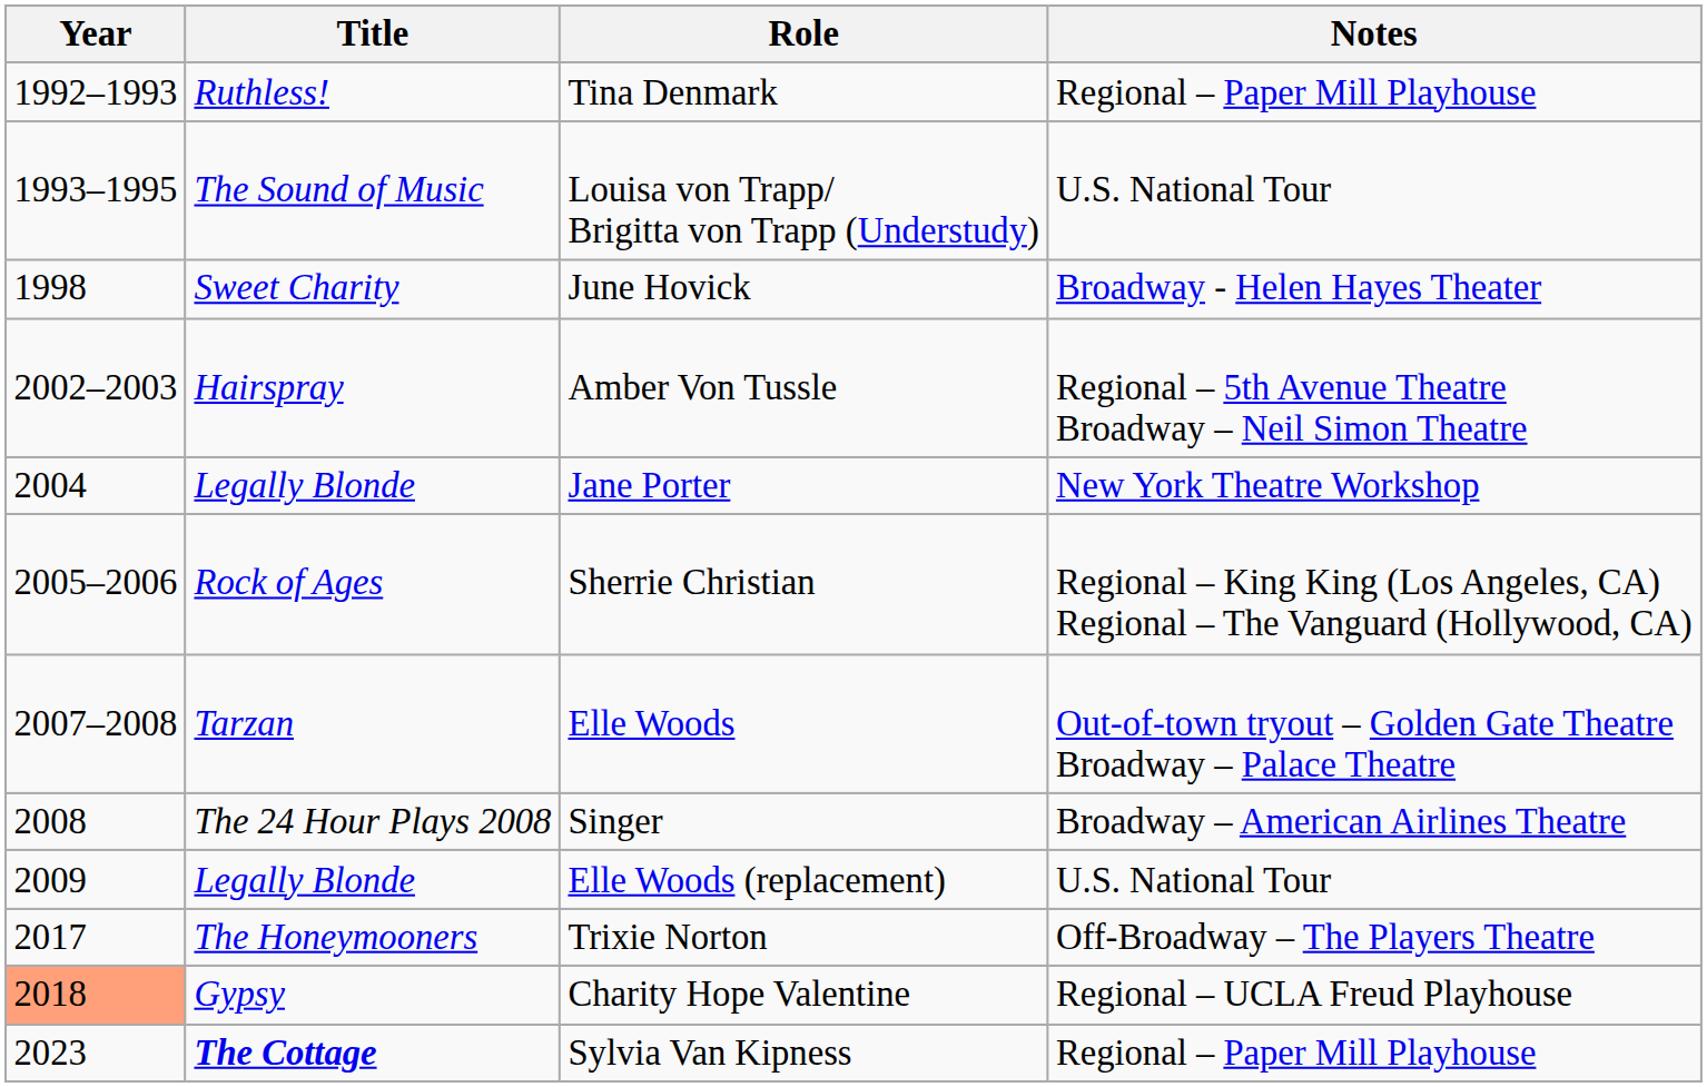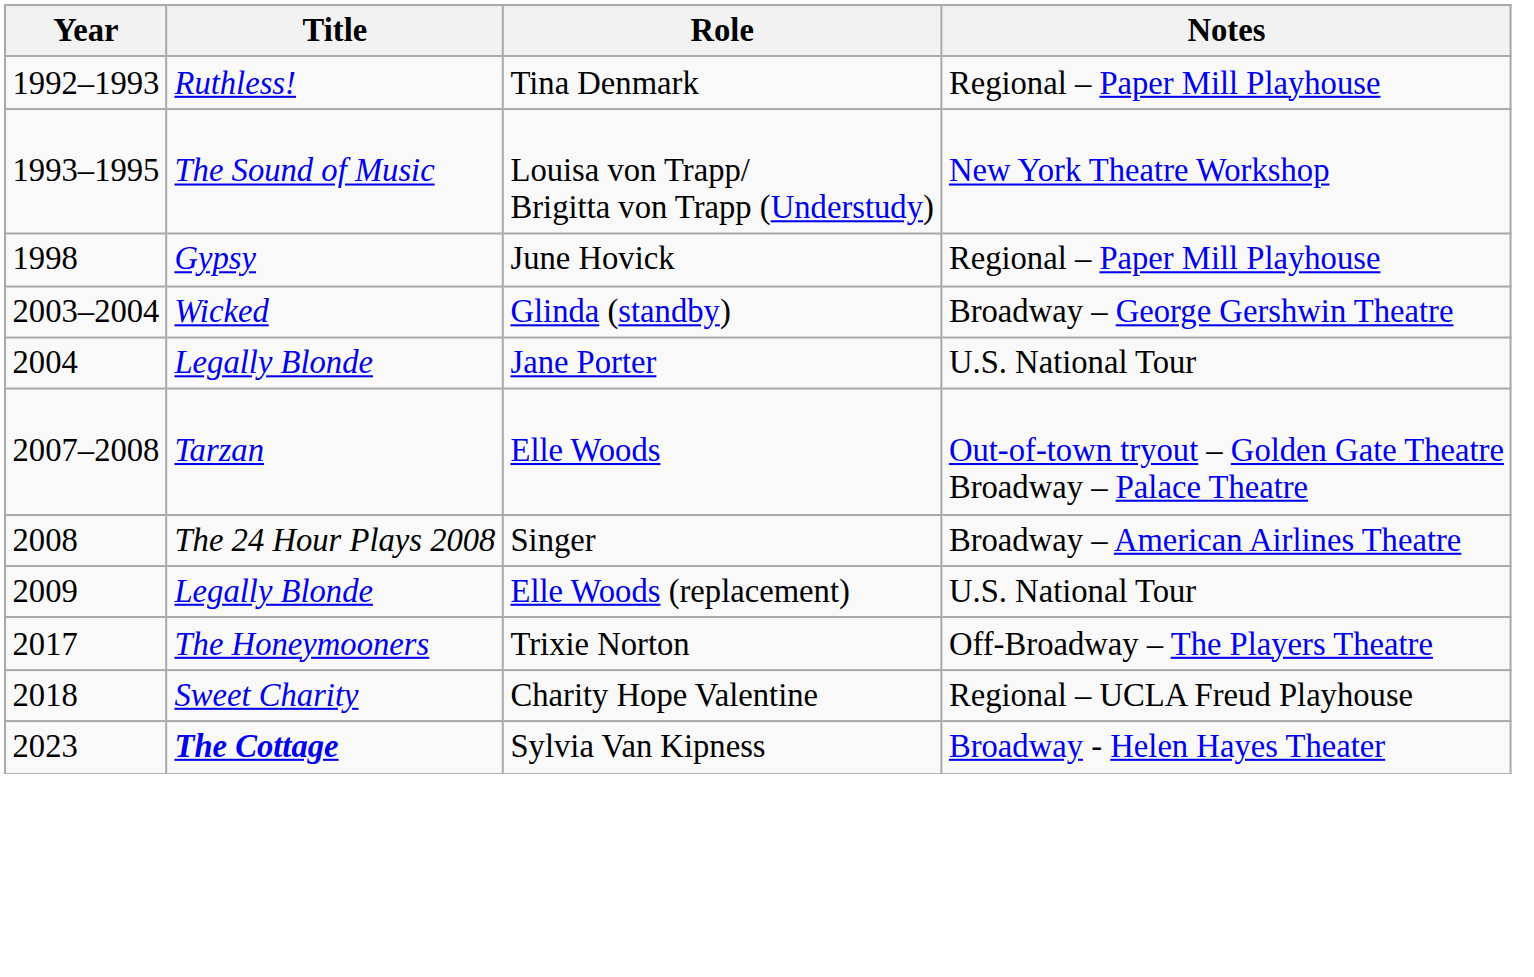 <table class="wikitable sortable">
 <tr>
 <th>Year</th>
 <th>Title</th>
 <th>Role</th>
 <th>Notes</th>
 </tr>
 <tr>
 <td>1992–1993</td>
 <td><em><a href='#'>Ruthless!</a></em></td>
 <td>Tina Denmark</td>
 <td>Regional – <a href='#'>Paper Mill Playhouse</a></td>
 </tr>
 <tr>
 <td>1993–1995</td>
 <td><em><a href='#'>The Sound of Music</a></em></td>
 <td><br>Louisa von Trapp/<br> Brigitta von Trapp (<a href='#'>Understudy</a>)</td>
-<td>U.S. National Tour</td>
+<td><a href='#'>New York Theatre Workshop</a></td>
 </tr>
 <tr>
 <td>1998</td>
-<td><em><a href='#'>Sweet Charity</a></em></td>
+<td><em><a href='#'>Gypsy</a></em></td>
 <td>June Hovick</td>
-<td><a href='#'>Broadway</a> - <a href='#'>Helen Hayes Theater</a></td>
+<td>Regional – <a href='#'>Paper Mill Playhouse</a></td>
 </tr>
 <tr>
-<td>2002–2003</td>
-<td><em><a href='#'>Hairspray</a></em></td>
-<td>Amber Von Tussle</td>
-<td><br>Regional – <a href='#'>5th Avenue Theatre</a><br> Broadway – <a href='#'>Neil Simon Theatre</a></td>
+<td>2003–2004</td>
+<td><em><a href='#'>Wicked</a></em></td>
+<td><a href='#'>Glinda</a> (<a href='#'>standby</a>)</td>
+<td>Broadway – <a href='#'>George Gershwin Theatre</a></td>
 </tr>
 <tr>
 <td>2004</td>
 <td><em><a href='#'>Legally Blonde</a></em></td>
 <td><a href='#'>Jane Porter</a></td>
-<td><a href='#'>New York Theatre Workshop</a></td>
-</tr>
-<tr>
-<td>2005–2006</td>
-<td><em><a href='#'>Rock of Ages</a></em></td>
-<td>Sherrie Christian</td>
-<td><br>Regional – King King (Los Angeles, CA)<br> Regional – The Vanguard (Hollywood, CA)</td>
+<td>U.S. National Tour</td>
 </tr>
 <tr>
 <td>2007–2008</td>
 <td><em><a href='#'>Tarzan</a></em></td>
 <td><a href='#'>Elle Woods</a></td>
 <td><br><a href='#'>Out-of-town tryout</a> – <a href='#'>Golden Gate Theatre</a><br> Broadway – <a href='#'>Palace Theatre</a></td>
 </tr>
 <tr>
 <td>2008</td>
 <td><em>The 24 Hour Plays 2008</em></td>
 <td>Singer</td>
 <td>Broadway – <a href='#'>American Airlines Theatre</a></td>
 </tr>
 <tr>
 <td>2009</td>
 <td><em><a href='#'>Legally Blonde</a></em></td>
 <td><a href='#'>Elle Woods</a> (replacement)</td>
 <td>U.S. National Tour</td>
 </tr>
 <tr>
 <td>2017</td>
 <td><em><a href='#'>The Honeymooners</a></em></td>
 <td>Trixie Norton</td>
 <td>Off-Broadway – <a href='#'>The Players Theatre</a></td>
 </tr>
 <tr>
-<td style="background: lightsalmon;">2018</td>
-<td><em><a href='#'>Gypsy</a></em></td>
+<td>2018</td>
+<td><em><a href='#'>Sweet Charity</a></em></td>
 <td>Charity Hope Valentine</td>
 <td>Regional – UCLA Freud Playhouse</td>
 </tr>
 <tr>
 <td>2023</td>
 <td><strong><em><a href='#'>The Cottage</a></em></strong></td>
 <td>Sylvia Van Kipness</td>
-<td>Regional – <a href='#'>Paper Mill Playhouse</a></td>
+<td><a href='#'>Broadway</a> - <a href='#'>Helen Hayes Theater</a></td>
 </tr>
 </table>
